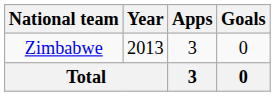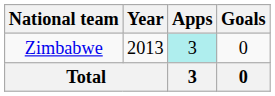 <table class="wikitable" style="text-align:center">
 <tr>
 <th>National team</th>
 <th>Year</th>
 <th>Apps</th>
 <th>Goals</th>
 </tr>
 <tr>
 <td rowspan="1"><a href='#'>Zimbabwe</a></td>
 <td>2013</td>
-<td>3</td>
+<td style="background: paleturquoise;">3</td>
 <td>0</td>
 </tr>
 <tr>
 <th colspan=2>Total</th>
 <th>3</th>
 <th>0</th>
 </tr>
 </table>
